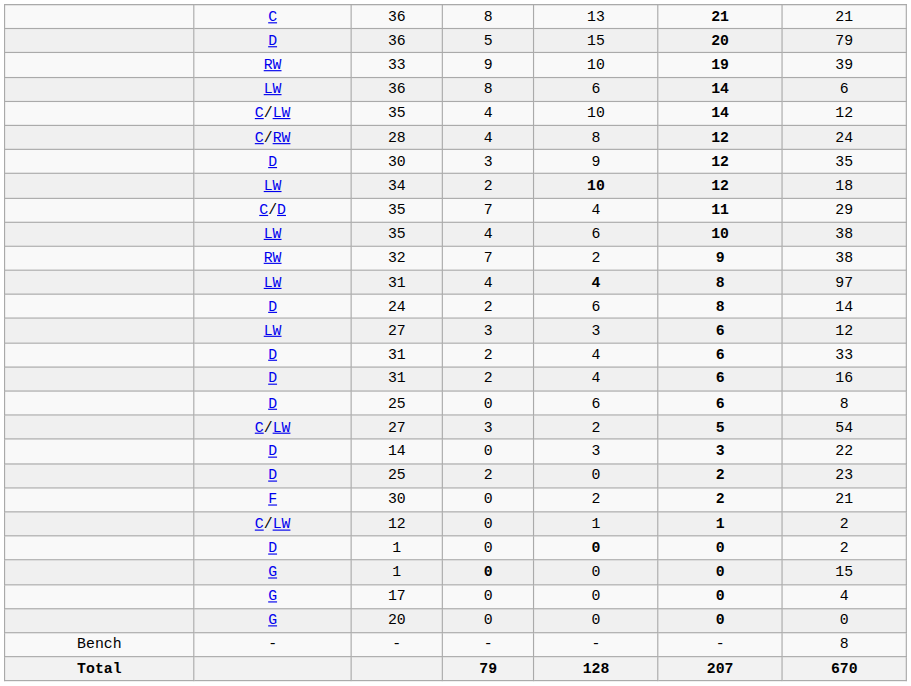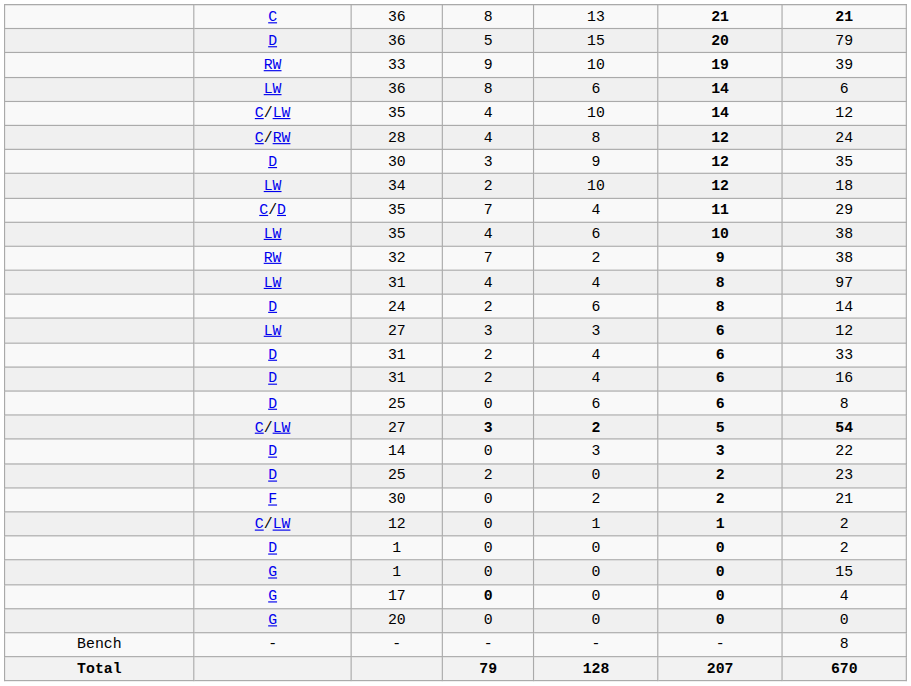 <table class="wikitable sortable" width ="50%">
 <tr align="center">
 </tr>
 <tr align="center" bgcolor="">
 <td></td>
 <td><a href='#'>C</a></td>
 <td>36</td>
 <td>8</td>
 <td>13</td>
 <td><strong>21</strong></td>
-<td>21</td>
+<td><strong>21</strong></td>
 </tr>
 <tr align="center" bgcolor="f0f0f0">
 <td></td>
 <td><a href='#'>D</a></td>
 <td>36</td>
 <td>5</td>
 <td>15</td>
 <td><strong>20</strong></td>
 <td>79</td>
 </tr>
 <tr align="center" bgcolor="">
 <td></td>
 <td><a href='#'>RW</a></td>
 <td>33</td>
 <td>9</td>
 <td>10</td>
 <td><strong>19</strong></td>
 <td>39</td>
 </tr>
 <tr align="center" bgcolor="f0f0f0">
 <td></td>
 <td><a href='#'>LW</a></td>
 <td>36</td>
 <td>8</td>
 <td>6</td>
 <td><strong>14</strong></td>
 <td>6</td>
 </tr>
 <tr align="center" bgcolor="">
 <td></td>
 <td><a href='#'>C</a>/<a href='#'>LW</a></td>
 <td>35</td>
 <td>4</td>
 <td>10</td>
 <td><strong>14</strong></td>
 <td>12</td>
 </tr>
 <tr align="center" bgcolor="f0f0f0">
 <td></td>
 <td><a href='#'>C</a>/<a href='#'>RW</a></td>
 <td>28</td>
 <td>4</td>
 <td>8</td>
 <td><strong>12</strong></td>
 <td>24</td>
 </tr>
 <tr align="center" bgcolor="">
 <td></td>
 <td><a href='#'>D</a></td>
 <td>30</td>
 <td>3</td>
 <td>9</td>
 <td><strong>12</strong></td>
 <td>35</td>
 </tr>
 <tr align="center" bgcolor="f0f0f0">
 <td></td>
 <td><a href='#'>LW</a></td>
 <td>34</td>
 <td>2</td>
-<td><strong>10</strong></td>
+<td>10</td>
 <td><strong>12</strong></td>
 <td>18</td>
 </tr>
 <tr align="center" bgcolor="">
 <td></td>
 <td><a href='#'>C</a>/<a href='#'>D</a></td>
 <td>35</td>
 <td>7</td>
 <td>4</td>
 <td><strong>11</strong></td>
 <td>29</td>
 </tr>
 <tr align="center" bgcolor="f0f0f0">
 <td></td>
 <td><a href='#'>LW</a></td>
 <td>35</td>
 <td>4</td>
 <td>6</td>
 <td><strong>10</strong></td>
 <td>38</td>
 </tr>
 <tr align="center" bgcolor="">
 <td></td>
 <td><a href='#'>RW</a></td>
 <td>32</td>
 <td>7</td>
 <td>2</td>
 <td><strong>9</strong></td>
 <td>38</td>
 </tr>
 <tr align="center" bgcolor="f0f0f0">
 <td></td>
 <td><a href='#'>LW</a></td>
 <td>31</td>
 <td>4</td>
-<td><strong>4</strong></td>
+<td>4</td>
 <td><strong>8</strong></td>
 <td>97</td>
 </tr>
 <tr align="center" bgcolor="">
 <td></td>
 <td><a href='#'>D</a></td>
 <td>24</td>
 <td>2</td>
 <td>6</td>
 <td><strong>8</strong></td>
 <td>14</td>
 </tr>
 <tr align="center" bgcolor="f0f0f0">
 <td></td>
 <td><a href='#'>LW</a></td>
 <td>27</td>
 <td>3</td>
 <td>3</td>
 <td><strong>6</strong></td>
 <td>12</td>
 </tr>
 <tr align="center" bgcolor="">
 <td></td>
 <td><a href='#'>D</a></td>
 <td>31</td>
 <td>2</td>
 <td>4</td>
 <td><strong>6</strong></td>
 <td>33</td>
 </tr>
 <tr align="center" bgcolor="f0f0f0">
 <td></td>
 <td><a href='#'>D</a></td>
 <td>31</td>
 <td>2</td>
 <td>4</td>
 <td><strong>6</strong></td>
 <td>16</td>
 </tr>
 <tr align="center" bgcolor="">
 <td></td>
 <td><a href='#'>D</a></td>
 <td>25</td>
 <td>0</td>
 <td>6</td>
 <td><strong>6</strong></td>
 <td>8</td>
 </tr>
 <tr align="center" bgcolor="f0f0f0">
 <td></td>
 <td><a href='#'>C</a>/<a href='#'>LW</a></td>
 <td>27</td>
-<td>3</td>
-<td>2</td>
+<td><strong>3</strong></td>
+<td><strong>2</strong></td>
 <td><strong>5</strong></td>
-<td>54</td>
+<td><strong>54</strong></td>
 </tr>
 <tr align="center" bgcolor="">
 <td></td>
 <td><a href='#'>D</a></td>
 <td>14</td>
 <td>0</td>
 <td>3</td>
 <td><strong>3</strong></td>
 <td>22</td>
 </tr>
 <tr align="center" bgcolor="f0f0f0">
 <td></td>
 <td><a href='#'>D</a></td>
 <td>25</td>
 <td>2</td>
 <td>0</td>
 <td><strong>2</strong></td>
 <td>23</td>
 </tr>
 <tr align="center" bgcolor="">
 <td></td>
 <td><a href='#'>F</a></td>
 <td>30</td>
 <td>0</td>
 <td>2</td>
 <td><strong>2</strong></td>
 <td>21</td>
 </tr>
 <tr align="center" bgcolor="f0f0f0">
 <td></td>
 <td><a href='#'>C</a>/<a href='#'>LW</a></td>
 <td>12</td>
 <td>0</td>
 <td>1</td>
 <td><strong>1</strong></td>
 <td>2</td>
 </tr>
 <tr align="center" bgcolor="">
 <td></td>
 <td><a href='#'>D</a></td>
 <td>1</td>
 <td>0</td>
-<td><strong>0</strong></td>
+<td>0</td>
 <td><strong>0</strong></td>
 <td>2</td>
 </tr>
 <tr align="center" bgcolor="f0f0f0">
 <td></td>
 <td><a href='#'>G</a></td>
 <td>1</td>
-<td><strong>0</strong></td>
+<td>0</td>
 <td>0</td>
 <td><strong>0</strong></td>
 <td>15</td>
 </tr>
 <tr align="center" bgcolor="">
 <td></td>
 <td><a href='#'>G</a></td>
 <td>17</td>
-<td>0</td>
+<td><strong>0</strong></td>
 <td>0</td>
 <td><strong>0</strong></td>
 <td>4</td>
 </tr>
 <tr align="center" bgcolor="f0f0f0">
 <td></td>
 <td><a href='#'>G</a></td>
 <td>20</td>
 <td>0</td>
 <td>0</td>
 <td><strong>0</strong></td>
 <td>0</td>
 </tr>
 <tr align="center" bgcolor="">
 <td>Bench</td>
 <td>-</td>
 <td>-</td>
 <td>-</td>
 <td>-</td>
 <td>-</td>
 <td>8</td>
 </tr>
 <tr>
 <th>Total</th>
 <th></th>
 <th></th>
 <th>79</th>
 <th>128</th>
 <th>207</th>
 <th>670</th>
 </tr>
 </table>
